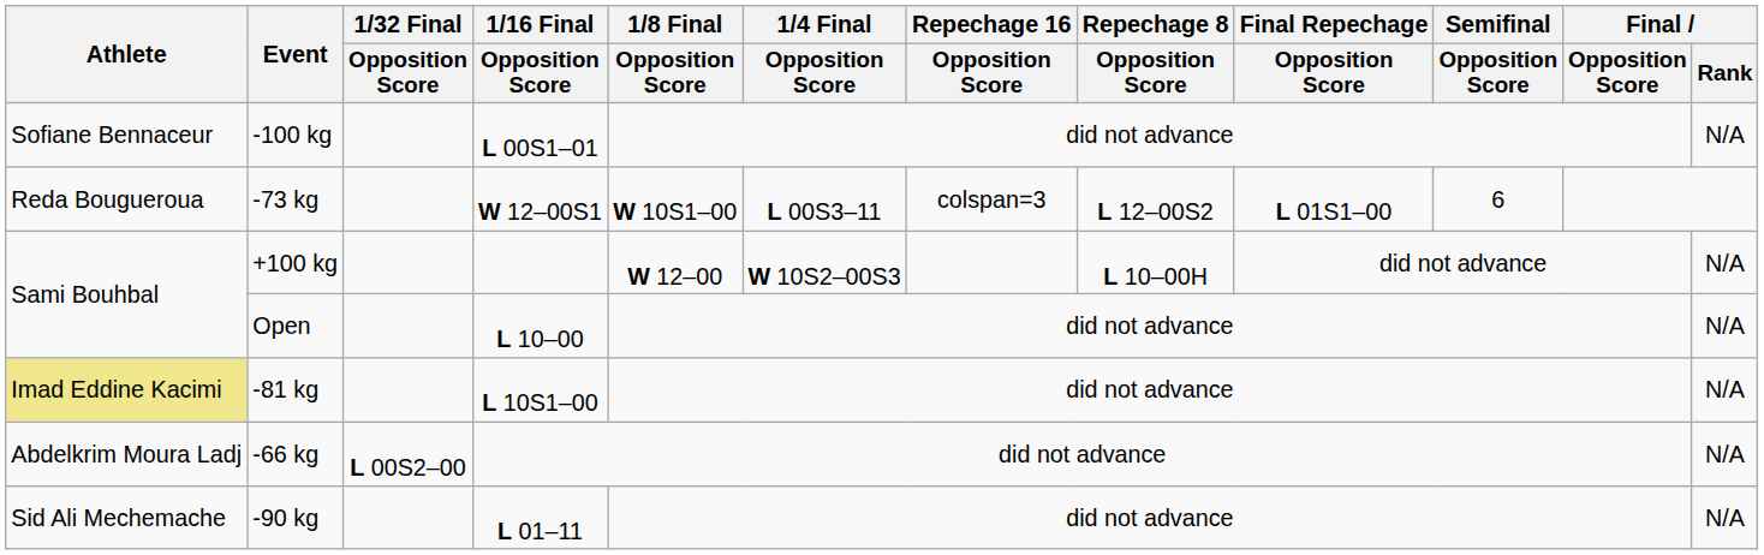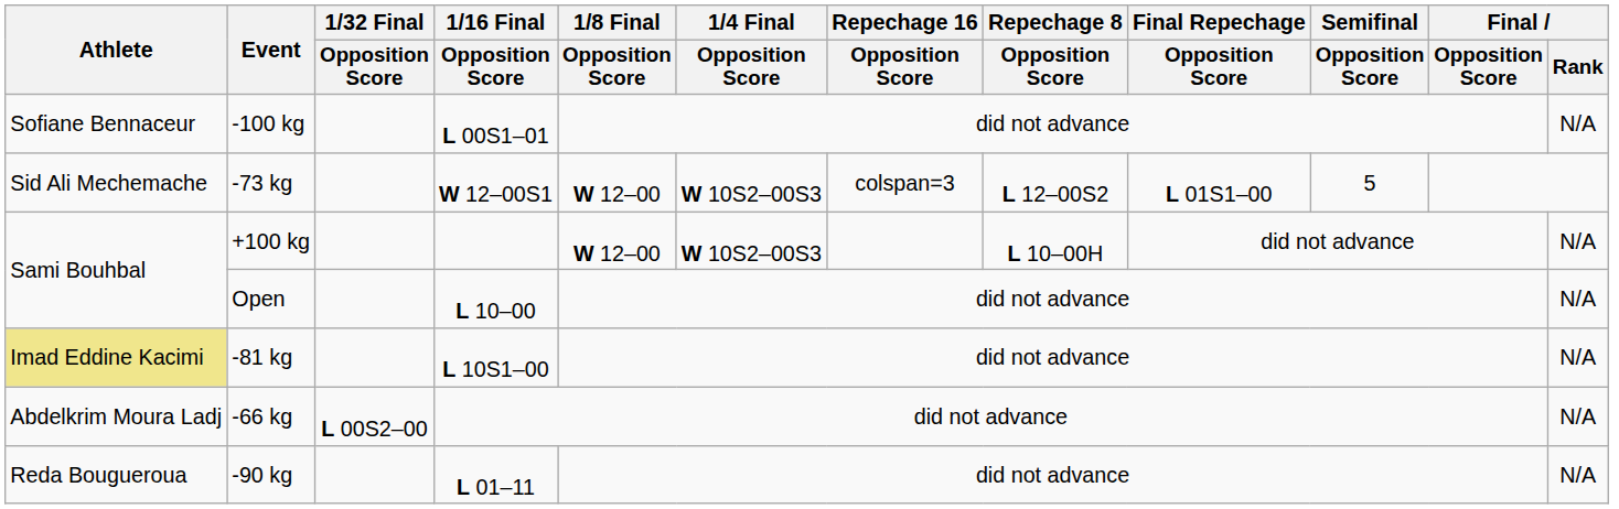 <table class="wikitable" style="font-size:90%">
 <tr>
 <th rowspan=2>Athlete</th>
 <th rowspan=2>Event</th>
 <th>1/32 Final</th>
 <th>1/16 Final</th>
 <th>1/8 Final</th>
 <th>1/4 Final</th>
 <th>Repechage 16</th>
 <th>Repechage 8</th>
 <th>Final Repechage</th>
 <th>Semifinal</th>
 <th colspan=3>Final / </th>
 </tr>
 <tr style="font-size:95%">
 <th>Opposition<br>Score</th>
 <th>Opposition<br>Score</th>
 <th>Opposition<br>Score</th>
 <th>Opposition<br>Score</th>
 <th>Opposition<br>Score</th>
 <th>Opposition<br>Score</th>
 <th>Opposition<br>Score</th>
 <th>Opposition<br>Score</th>
 <th>Opposition<br>Score</th>
 <th>Rank</th>
 </tr>
 <tr align=center>
 <td align=left>Sofiane Bennaceur</td>
 <td align=left>-100 kg</td>
 <td></td>
 <td><br><strong>L</strong> 00S1–01</td>
 <td colspan=7>did not advance</td>
 <td>N/A</td>
 </tr>
 <tr align=center>
-<td align=left>Reda Bougueroua</td>
+<td align=left>Sid Ali Mechemache</td>
 <td align=left>-73 kg</td>
 <td></td>
 <td><br><strong>W</strong> 12–00S1</td>
-<td><br><strong>W</strong> 10S1–00</td>
-<td><br><strong>L</strong> 00S3–11</td>
+<td><br><strong>W</strong> 12–00</td>
+<td><br><strong>W</strong> 10S2–00S3</td>
 <td>colspan=3 </td>
 <td><br><strong>L</strong> 12–00S2</td>
 <td><br><strong>L</strong> 01S1–00</td>
-<td>6</td>
+<td>5</td>
 </tr>
 <tr align=center>
 <td align=left rowspan=2>Sami Bouhbal</td>
 <td align=left>+100 kg</td>
 <td></td>
 <td></td>
 <td><br><strong>W</strong> 12–00</td>
 <td><br><strong>W</strong> 10S2–00S3</td>
 <td></td>
 <td><br><strong>L</strong> 10–00H</td>
 <td colspan=3>did not advance</td>
 <td>N/A</td>
 </tr>
 <tr align=center>
 <td align=left>Open</td>
 <td></td>
 <td><br><strong>L</strong> 10–00</td>
 <td colspan=7>did not advance</td>
 <td>N/A</td>
 </tr>
 <tr align=center>
 <td align=left style="background: khaki;">Imad Eddine Kacimi</td>
 <td align=left>-81 kg</td>
 <td></td>
 <td><br><strong>L</strong> 10S1–00</td>
 <td colspan=7>did not advance</td>
 <td>N/A</td>
 </tr>
 <tr align=center>
 <td align=left>Abdelkrim Moura Ladj</td>
 <td align=left>-66 kg</td>
 <td><br><strong>L</strong> 00S2–00</td>
 <td colspan=8>did not advance</td>
 <td>N/A</td>
 </tr>
 <tr align=center>
-<td align=left>Sid Ali Mechemache</td>
+<td align=left>Reda Bougueroua</td>
 <td align=left>-90 kg</td>
 <td></td>
 <td><br><strong>L</strong> 01–11</td>
 <td colspan=7>did not advance</td>
 <td>N/A</td>
 </tr>
 </table>
